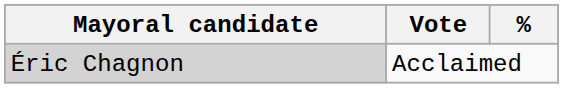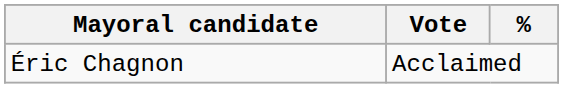 <table class="wikitable">
 <tr>
 <th bgcolor="#DDDDFF" width="200px">Mayoral candidate</th>
 <th bgcolor="#DDDDFF" width="50px">Vote</th>
 <th bgcolor="#DDDDFF" width="30px">%</th>
 </tr>
 <tr>
-<td style="background: lightgrey;">Éric Chagnon</td>
+<td>Éric Chagnon</td>
 <td colspan="2">Acclaimed</td>
 </tr>
 </table>
